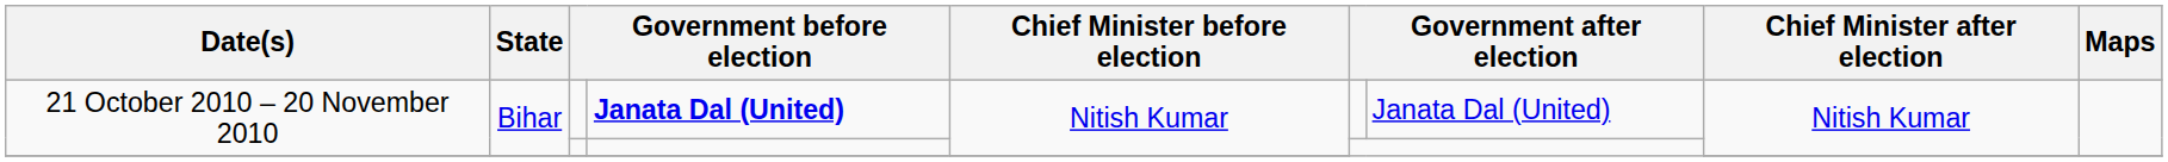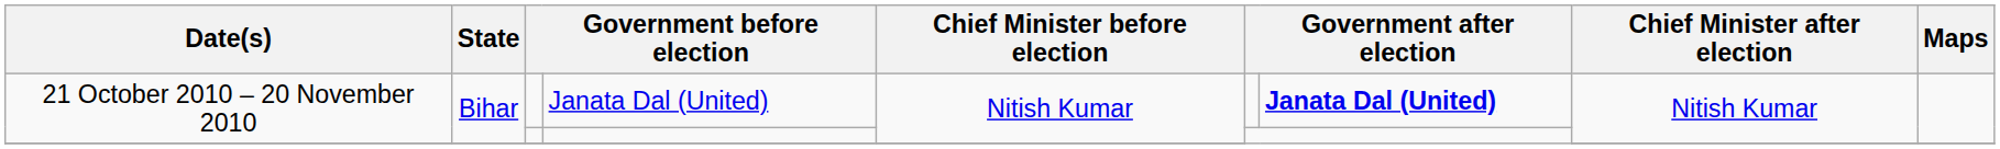 <table class="wikitable sortable" style="text-align:center;">
 <tr>
 <th>Date(s)</th>
 <th>State</th>
 <th colspan="2">Government before election</th>
 <th>Chief Minister before election</th>
 <th colspan="2">Government after election</th>
 <th>Chief Minister after election</th>
 <th>Maps</th>
 </tr>
 <tr>
 <td rowspan="2">21 October 2010 – 20 November 2010</td>
 <td rowspan="2"><a href='#'>Bihar</a></td>
 <td></td>
-<td align="left"><strong><a href='#'>Janata Dal (United)</a></strong></td>
+<td align="left"><a href='#'>Janata Dal (United)</a></td>
 <td rowspan="2"><a href='#'>Nitish Kumar</a></td>
 <td></td>
-<td align="left"><a href='#'>Janata Dal (United)</a></td>
+<td align="left"><strong><a href='#'>Janata Dal (United)</a></strong></td>
 <td rowspan="2"><a href='#'>Nitish Kumar</a></td>
 <td rowspan="2"></td>
 </tr>
 <tr>
 <td></td>
 <td></td>
 </tr>
 <tr>
 </tr>
 </table>
